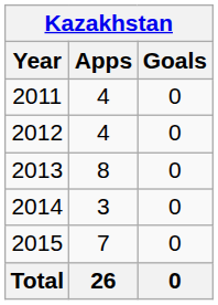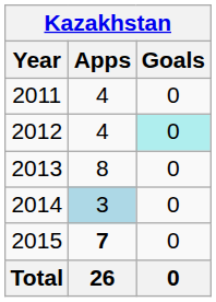 <table class="wikitable" style="text-align:center">
 <tr>
 <th colspan=3><a href='#'>Kazakhstan</a></th>
 </tr>
 <tr>
 <th>Year</th>
 <th>Apps</th>
 <th>Goals</th>
 </tr>
 <tr>
 <td>2011</td>
 <td>4</td>
 <td>0</td>
 </tr>
 <tr>
 <td>2012</td>
 <td>4</td>
-<td>0</td>
+<td style="background: paleturquoise;">0</td>
 </tr>
 <tr>
 <td>2013</td>
 <td>8</td>
 <td>0</td>
 </tr>
 <tr>
 <td>2014</td>
-<td>3</td>
+<td style="background: lightblue;">3</td>
 <td>0</td>
 </tr>
 <tr>
 <td>2015</td>
-<td>7</td>
+<td><strong>7</strong></td>
 <td>0</td>
 </tr>
 <tr>
 <th>Total</th>
 <th>26</th>
 <th>0</th>
 </tr>
 </table>
